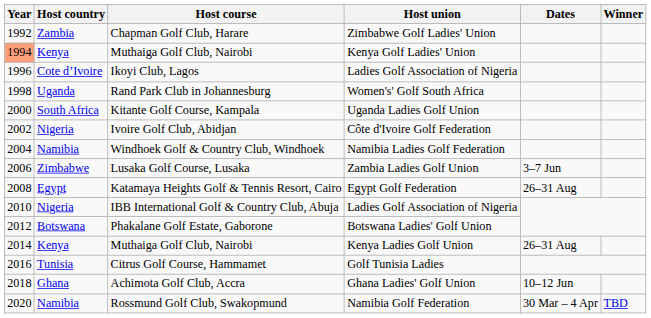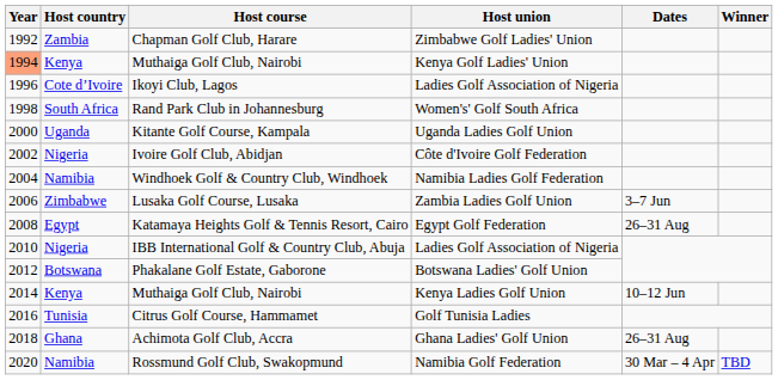 <table class="sortable wikitable">
 <tr>
 <th>Year</th>
 <th>Host country</th>
 <th>Host course</th>
 <th>Host union</th>
 <th>Dates</th>
 <th>Winner</th>
 </tr>
 <tr>
 <td align=center>1992</td>
 <td><a href='#'>Zambia</a></td>
 <td>Chapman Golf Club, Harare</td>
 <td>Zimbabwe Golf Ladies' Union</td>
 <td></td>
 <td></td>
 </tr>
 <tr>
 <td align=center style="background: lightsalmon;">1994</td>
 <td><a href='#'>Kenya</a></td>
 <td>Muthaiga Golf Club, Nairobi</td>
 <td>Kenya Golf Ladies' Union</td>
 <td></td>
 <td></td>
 </tr>
 <tr>
 <td align=center>1996</td>
 <td><a href='#'>Cote d’Ivoire</a></td>
 <td>Ikoyi Club, Lagos</td>
 <td>Ladies Golf Association of Nigeria</td>
 <td></td>
 <td></td>
 </tr>
 <tr>
 <td align=center>1998</td>
-<td><a href='#'>Uganda</a></td>
+<td><a href='#'>South Africa</a></td>
 <td>Rand Park Club in Johannesburg</td>
 <td>Women's' Golf South Africa</td>
 <td></td>
 <td></td>
 </tr>
 <tr>
 <td align=center>2000</td>
-<td><a href='#'>South Africa</a></td>
+<td><a href='#'>Uganda</a></td>
 <td>Kitante Golf Course, Kampala</td>
 <td>Uganda Ladies Golf Union</td>
 <td></td>
 <td></td>
 </tr>
 <tr>
 <td align=center>2002</td>
 <td><a href='#'>Nigeria</a></td>
 <td>Ivoire Golf Club, Abidjan</td>
 <td>Côte d'Ivoire Golf Federation</td>
 <td></td>
 <td></td>
 </tr>
 <tr>
 <td align=center>2004</td>
 <td><a href='#'>Namibia</a></td>
 <td>Windhoek Golf & Country Club, Windhoek</td>
 <td>Namibia Ladies Golf Federation</td>
 <td></td>
 <td></td>
 </tr>
 <tr>
 <td align=center>2006</td>
 <td><a href='#'>Zimbabwe</a></td>
 <td>Lusaka Golf Course, Lusaka</td>
 <td>Zambia Ladies Golf Union</td>
 <td>3–7 Jun</td>
 <td></td>
 </tr>
 <tr>
 <td align=center>2008</td>
 <td><a href='#'>Egypt</a></td>
 <td>Katamaya Heights Golf & Tennis Resort, Cairo</td>
 <td>Egypt Golf Federation</td>
 <td>26–31 Aug</td>
 <td></td>
 </tr>
 <tr>
 <td align=center>2010</td>
 <td><a href='#'>Nigeria</a></td>
 <td>IBB International Golf & Country Club, Abuja</td>
 <td>Ladies Golf Association of Nigeria</td>
 </tr>
 <tr>
 <td align=center>2012</td>
 <td><a href='#'>Botswana</a></td>
 <td>Phakalane Golf Estate, Gaborone</td>
 <td>Botswana Ladies' Golf Union</td>
 </tr>
 <tr>
 <td align=center>2014</td>
 <td><a href='#'>Kenya</a></td>
 <td>Muthaiga Golf Club, Nairobi</td>
 <td>Kenya Ladies Golf Union</td>
-<td>26–31 Aug</td>
+<td>10–12 Jun</td>
 <td></td>
 </tr>
 <tr>
 <td align=center>2016</td>
 <td><a href='#'>Tunisia</a></td>
 <td>Citrus Golf Course, Hammamet</td>
 <td>Golf Tunisia Ladies</td>
 </tr>
 <tr>
 <td align=center>2018</td>
 <td><a href='#'>Ghana</a></td>
 <td>Achimota Golf Club, Accra</td>
 <td>Ghana Ladies' Golf Union</td>
-<td>10–12 Jun</td>
+<td>26–31 Aug</td>
 <td></td>
 </tr>
 <tr>
 <td align=center>2020</td>
 <td><a href='#'>Namibia</a></td>
 <td>Rossmund Golf Club, Swakopmund</td>
 <td>Namibia Golf Federation</td>
 <td>30 Mar – 4 Apr</td>
 <td><a href='#'>TBD</a></td>
 </tr>
 </table>
